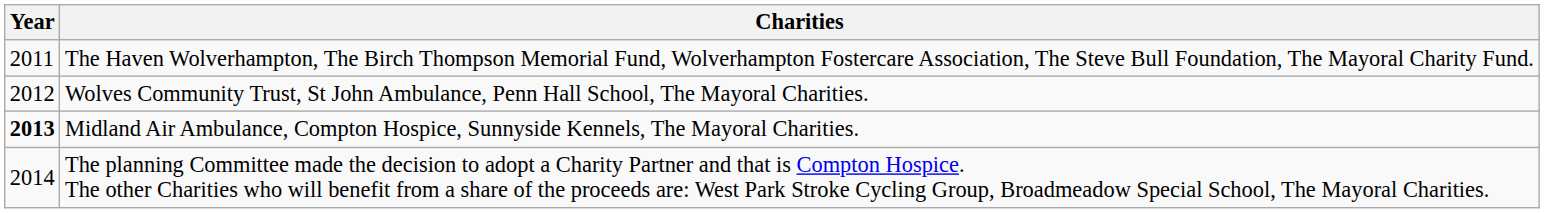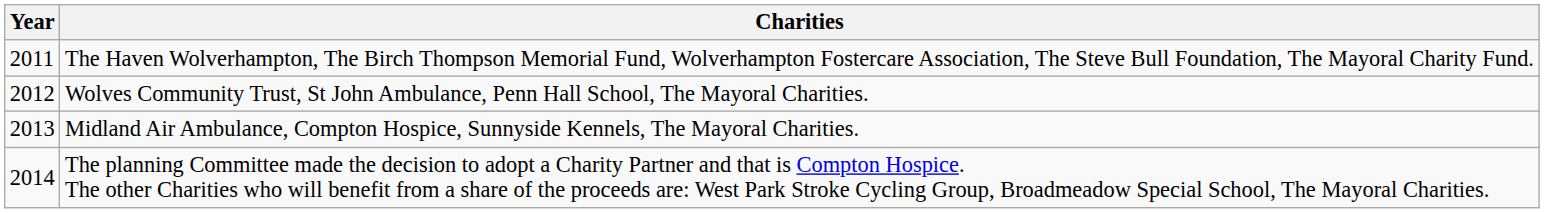 <table class="wikitable">
 <tr>
 <th>Year</th>
 <th>Charities</th>
 </tr>
 <tr>
 <td>2011</td>
 <td>The Haven Wolverhampton, The Birch Thompson Memorial Fund, Wolverhampton Fostercare Association, The Steve Bull Foundation, The Mayoral Charity Fund.</td>
 </tr>
 <tr>
 <td>2012</td>
 <td>Wolves Community Trust, St John Ambulance, Penn Hall School, The Mayoral Charities.</td>
 </tr>
 <tr>
-<td><strong>2013</strong></td>
+<td>2013</td>
 <td>Midland Air Ambulance, Compton Hospice, Sunnyside Kennels, The Mayoral Charities.</td>
 </tr>
 <tr>
 <td>2014</td>
 <td>The planning Committee made the decision to adopt a Charity Partner and that is <a href='#'>Compton Hospice</a>.<br>The other Charities who will benefit from a share of the proceeds are: West Park Stroke Cycling Group, Broadmeadow Special School, The Mayoral Charities.</td>
 </tr>
 </table>
